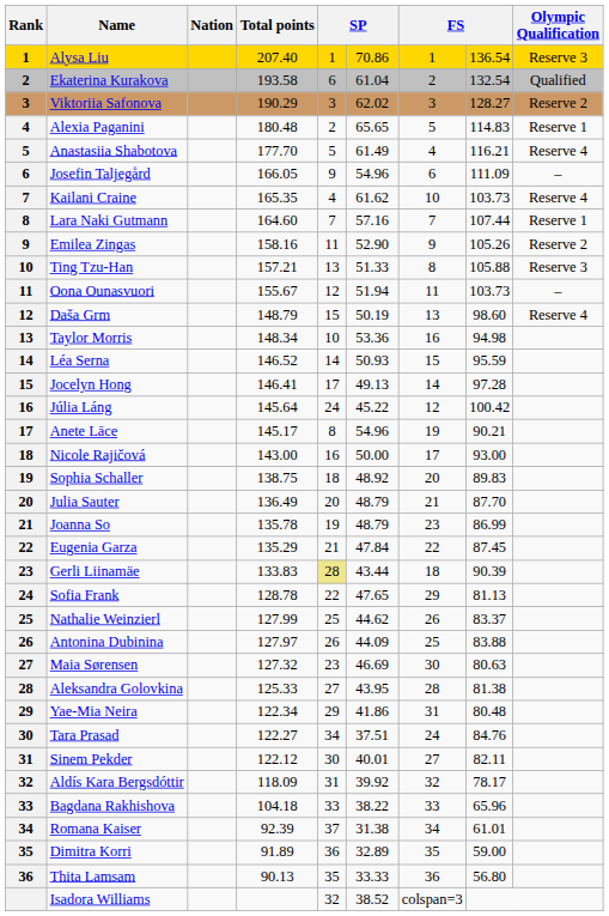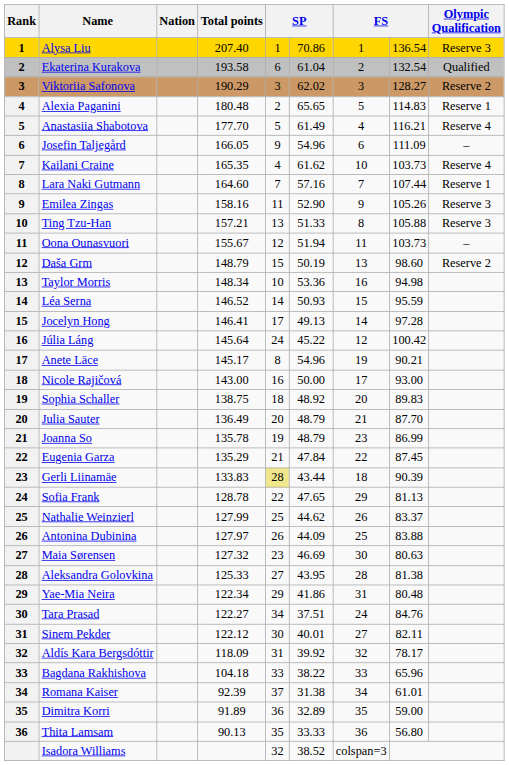 <table class="wikitable sortable">
 <tr>
 <th>Rank</th>
 <th>Name</th>
 <th>Nation</th>
 <th>Total points</th>
 <th colspan="2" width="80px"><a href='#'>SP</a></th>
 <th colspan="2" width="80px"><a href='#'>FS</a></th>
 <th width="80px"><a href='#'>Olympic Qualification</a></th>
 </tr>
 <tr bgcolor="gold">
 <td align="center"><strong>1</strong></td>
 <td><a href='#'>Alysa Liu</a></td>
 <td></td>
 <td align="center">207.40</td>
 <td align="center">1</td>
 <td align="center">70.86</td>
 <td align="center">1</td>
 <td align="center">136.54</td>
 <td align="center">Reserve 3</td>
 </tr>
 <tr bgcolor="silver">
 <td align="center"><strong>2</strong></td>
 <td><a href='#'>Ekaterina Kurakova</a></td>
 <td></td>
 <td align="center">193.58</td>
 <td align="center">6</td>
 <td align="center">61.04</td>
 <td align="center">2</td>
 <td align="center">132.54</td>
 <td align="center">Qualified</td>
 </tr>
 <tr bgcolor="cc9966">
 <td align="center"><strong>3</strong></td>
 <td><a href='#'>Viktoriia Safonova</a></td>
 <td></td>
 <td align="center">190.29</td>
 <td align="center">3</td>
 <td align="center">62.02</td>
 <td align="center">3</td>
 <td align="center">128.27</td>
 <td align="center">Reserve 2</td>
 </tr>
 <tr>
 <th>4</th>
 <td><a href='#'>Alexia Paganini</a></td>
 <td></td>
 <td align="center">180.48</td>
 <td align="center">2</td>
 <td align="center">65.65</td>
 <td align="center">5</td>
 <td align="center">114.83</td>
 <td align="center">Reserve 1</td>
 </tr>
 <tr>
 <th>5</th>
 <td><a href='#'>Anastasiia Shabotova</a></td>
 <td></td>
 <td align="center">177.70</td>
 <td align="center">5</td>
 <td align="center">61.49</td>
 <td align="center">4</td>
 <td align="center">116.21</td>
 <td align="center">Reserve 4</td>
 </tr>
 <tr>
 <th>6</th>
 <td><a href='#'>Josefin Taljegård</a></td>
 <td></td>
 <td align="center">166.05</td>
 <td align="center">9</td>
 <td align="center">54.96</td>
 <td align="center">6</td>
 <td align="center">111.09</td>
 <td align="center">–</td>
 </tr>
 <tr>
 <th>7</th>
 <td><a href='#'>Kailani Craine</a></td>
 <td></td>
 <td align="center">165.35</td>
 <td align="center">4</td>
 <td align="center">61.62</td>
 <td align="center">10</td>
 <td align="center">103.73</td>
 <td align="center">Reserve 4</td>
 </tr>
 <tr>
 <th>8</th>
 <td><a href='#'>Lara Naki Gutmann</a></td>
 <td></td>
 <td align="center">164.60</td>
 <td align="center">7</td>
 <td align="center">57.16</td>
 <td align="center">7</td>
 <td align="center">107.44</td>
 <td align="center">Reserve 1</td>
 </tr>
 <tr>
 <th>9</th>
 <td><a href='#'>Emilea Zingas</a></td>
 <td></td>
 <td align="center">158.16</td>
 <td align="center">11</td>
 <td align="center">52.90</td>
 <td align="center">9</td>
 <td align="center">105.26</td>
-<td align="center">Reserve 2</td>
+<td align="center">Reserve 3</td>
 </tr>
 <tr>
 <th>10</th>
 <td><a href='#'>Ting Tzu-Han</a></td>
 <td></td>
 <td align="center">157.21</td>
 <td align="center">13</td>
 <td align="center">51.33</td>
 <td align="center">8</td>
 <td align="center">105.88</td>
 <td align="center">Reserve 3</td>
 </tr>
 <tr>
 <th>11</th>
 <td><a href='#'>Oona Ounasvuori</a></td>
 <td></td>
 <td align="center">155.67</td>
 <td align="center">12</td>
 <td align="center">51.94</td>
 <td align="center">11</td>
 <td align="center">103.73</td>
 <td align="center">–</td>
 </tr>
 <tr>
 <th>12</th>
 <td><a href='#'>Daša Grm</a></td>
 <td></td>
 <td align="center">148.79</td>
 <td align="center">15</td>
 <td align="center">50.19</td>
 <td align="center">13</td>
 <td align="center">98.60</td>
-<td align="center">Reserve 4</td>
+<td align="center">Reserve 2</td>
 </tr>
 <tr>
 <th>13</th>
 <td><a href='#'>Taylor Morris</a></td>
 <td></td>
 <td align="center">148.34</td>
 <td align="center">10</td>
 <td align="center">53.36</td>
 <td align="center">16</td>
 <td align="center">94.98</td>
 <td align="center"></td>
 </tr>
 <tr>
 <th>14</th>
 <td><a href='#'>Léa Serna</a></td>
 <td></td>
 <td align="center">146.52</td>
 <td align="center">14</td>
 <td align="center">50.93</td>
 <td align="center">15</td>
 <td align="center">95.59</td>
 <td align="center"></td>
 </tr>
 <tr>
 <th>15</th>
 <td><a href='#'>Jocelyn Hong</a></td>
 <td></td>
 <td align="center">146.41</td>
 <td align="center">17</td>
 <td align="center">49.13</td>
 <td align="center">14</td>
 <td align="center">97.28</td>
 <td align="center"></td>
 </tr>
 <tr>
 <th>16</th>
 <td><a href='#'>Júlia Láng</a></td>
 <td></td>
 <td align="center">145.64</td>
 <td align="center">24</td>
 <td align="center">45.22</td>
 <td align="center">12</td>
 <td align="center">100.42</td>
 <td align="center"></td>
 </tr>
 <tr>
 <th>17</th>
 <td><a href='#'>Anete Lāce</a></td>
 <td></td>
 <td align="center">145.17</td>
 <td align="center">8</td>
 <td align="center">54.96</td>
 <td align="center">19</td>
 <td align="center">90.21</td>
 <td align="center"></td>
 </tr>
 <tr>
 <th>18</th>
 <td><a href='#'>Nicole Rajičová</a></td>
 <td></td>
 <td align="center">143.00</td>
 <td align="center">16</td>
 <td align="center">50.00</td>
 <td align="center">17</td>
 <td align="center">93.00</td>
 <td align="center"></td>
 </tr>
 <tr>
 <th>19</th>
 <td><a href='#'>Sophia Schaller</a></td>
 <td></td>
 <td align="center">138.75</td>
 <td align="center">18</td>
 <td align="center">48.92</td>
 <td align="center">20</td>
 <td align="center">89.83</td>
 <td align="center"></td>
 </tr>
 <tr>
 <th>20</th>
 <td><a href='#'>Julia Sauter</a></td>
 <td></td>
 <td align="center">136.49</td>
 <td align="center">20</td>
 <td align="center">48.79</td>
 <td align="center">21</td>
 <td align="center">87.70</td>
 <td align="center"></td>
 </tr>
 <tr>
 <th>21</th>
 <td><a href='#'>Joanna So</a></td>
 <td></td>
 <td align="center">135.78</td>
 <td align="center">19</td>
 <td align="center">48.79</td>
 <td align="center">23</td>
 <td align="center">86.99</td>
 <td align="center"></td>
 </tr>
 <tr>
 <th>22</th>
 <td><a href='#'>Eugenia Garza</a></td>
 <td></td>
 <td align="center">135.29</td>
 <td align="center">21</td>
 <td align="center">47.84</td>
 <td align="center">22</td>
 <td align="center">87.45</td>
 <td align="center"></td>
 </tr>
 <tr>
 <th>23</th>
 <td><a href='#'>Gerli Liinamäe</a></td>
 <td></td>
 <td align="center">133.83</td>
 <td align="center" style="background: khaki;">28</td>
 <td align="center">43.44</td>
 <td align="center">18</td>
 <td align="center">90.39</td>
 <td align="center"></td>
 </tr>
 <tr>
 <th>24</th>
 <td><a href='#'>Sofia Frank</a></td>
 <td></td>
 <td align="center">128.78</td>
 <td align="center">22</td>
 <td align="center">47.65</td>
 <td align="center">29</td>
 <td align="center">81.13</td>
 <td align="center"></td>
 </tr>
 <tr>
 <th>25</th>
 <td><a href='#'>Nathalie Weinzierl</a></td>
 <td></td>
 <td align="center">127.99</td>
 <td align="center">25</td>
 <td align="center">44.62</td>
 <td align="center">26</td>
 <td align="center">83.37</td>
 <td align="center"></td>
 </tr>
 <tr>
 <th>26</th>
 <td><a href='#'>Antonina Dubinina</a></td>
 <td></td>
 <td align="center">127.97</td>
 <td align="center">26</td>
 <td align="center">44.09</td>
 <td align="center">25</td>
 <td align="center">83.88</td>
 <td align="center"></td>
 </tr>
 <tr>
 <th>27</th>
 <td><a href='#'>Maia Sørensen</a></td>
 <td></td>
 <td align="center">127.32</td>
 <td align="center">23</td>
 <td align="center">46.69</td>
 <td align="center">30</td>
 <td align="center">80.63</td>
 <td align="center"></td>
 </tr>
 <tr>
 <th>28</th>
 <td><a href='#'>Aleksandra Golovkina</a></td>
 <td></td>
 <td align="center">125.33</td>
 <td align="center">27</td>
 <td align="center">43.95</td>
 <td align="center">28</td>
 <td align="center">81.38</td>
 <td align="center"></td>
 </tr>
 <tr>
 <th>29</th>
 <td><a href='#'>Yae-Mia Neira</a></td>
 <td></td>
 <td align="center">122.34</td>
 <td align="center">29</td>
 <td align="center">41.86</td>
 <td align="center">31</td>
 <td align="center">80.48</td>
 <td align="center"></td>
 </tr>
 <tr>
 <th>30</th>
 <td><a href='#'>Tara Prasad</a></td>
 <td></td>
 <td align="center">122.27</td>
 <td align="center">34</td>
 <td align="center">37.51</td>
 <td align="center">24</td>
 <td align="center">84.76</td>
 <td align="center"></td>
 </tr>
 <tr>
 <th>31</th>
 <td><a href='#'>Sinem Pekder</a></td>
 <td></td>
 <td align="center">122.12</td>
 <td align="center">30</td>
 <td align="center">40.01</td>
 <td align="center">27</td>
 <td align="center">82.11</td>
 <td align="center"></td>
 </tr>
 <tr>
 <th>32</th>
 <td><a href='#'>Aldís Kara Bergsdóttir</a></td>
 <td></td>
 <td align="center">118.09</td>
 <td align="center">31</td>
 <td align="center">39.92</td>
 <td align="center">32</td>
 <td align="center">78.17</td>
 <td align="center"></td>
 </tr>
 <tr>
 <th>33</th>
 <td><a href='#'>Bagdana Rakhishova</a></td>
 <td></td>
 <td align="center">104.18</td>
 <td align="center">33</td>
 <td align="center">38.22</td>
 <td align="center">33</td>
 <td align="center">65.96</td>
 <td align="center"></td>
 </tr>
 <tr>
 <th>34</th>
 <td><a href='#'>Romana Kaiser</a></td>
 <td></td>
 <td align="center">92.39</td>
 <td align="center">37</td>
 <td align="center">31.38</td>
 <td align="center">34</td>
 <td align="center">61.01</td>
 <td align="center"></td>
 </tr>
 <tr>
 <th>35</th>
 <td><a href='#'>Dimitra Korri</a></td>
 <td></td>
 <td align="center">91.89</td>
 <td align="center">36</td>
 <td align="center">32.89</td>
 <td align="center">35</td>
 <td align="center">59.00</td>
 <td align="center"></td>
 </tr>
 <tr>
 <th>36</th>
 <td><a href='#'>Thita Lamsam</a></td>
 <td></td>
 <td align="center">90.13</td>
 <td align="center">35</td>
 <td align="center">33.33</td>
 <td align="center">36</td>
 <td align="center">56.80</td>
 <td align="center"></td>
 </tr>
 <tr>
 <th></th>
 <td><a href='#'>Isadora Williams</a></td>
 <td></td>
 <td></td>
 <td align="center">32</td>
 <td align="center">38.52</td>
 <td>colspan=3 </td>
 </tr>
 </table>
